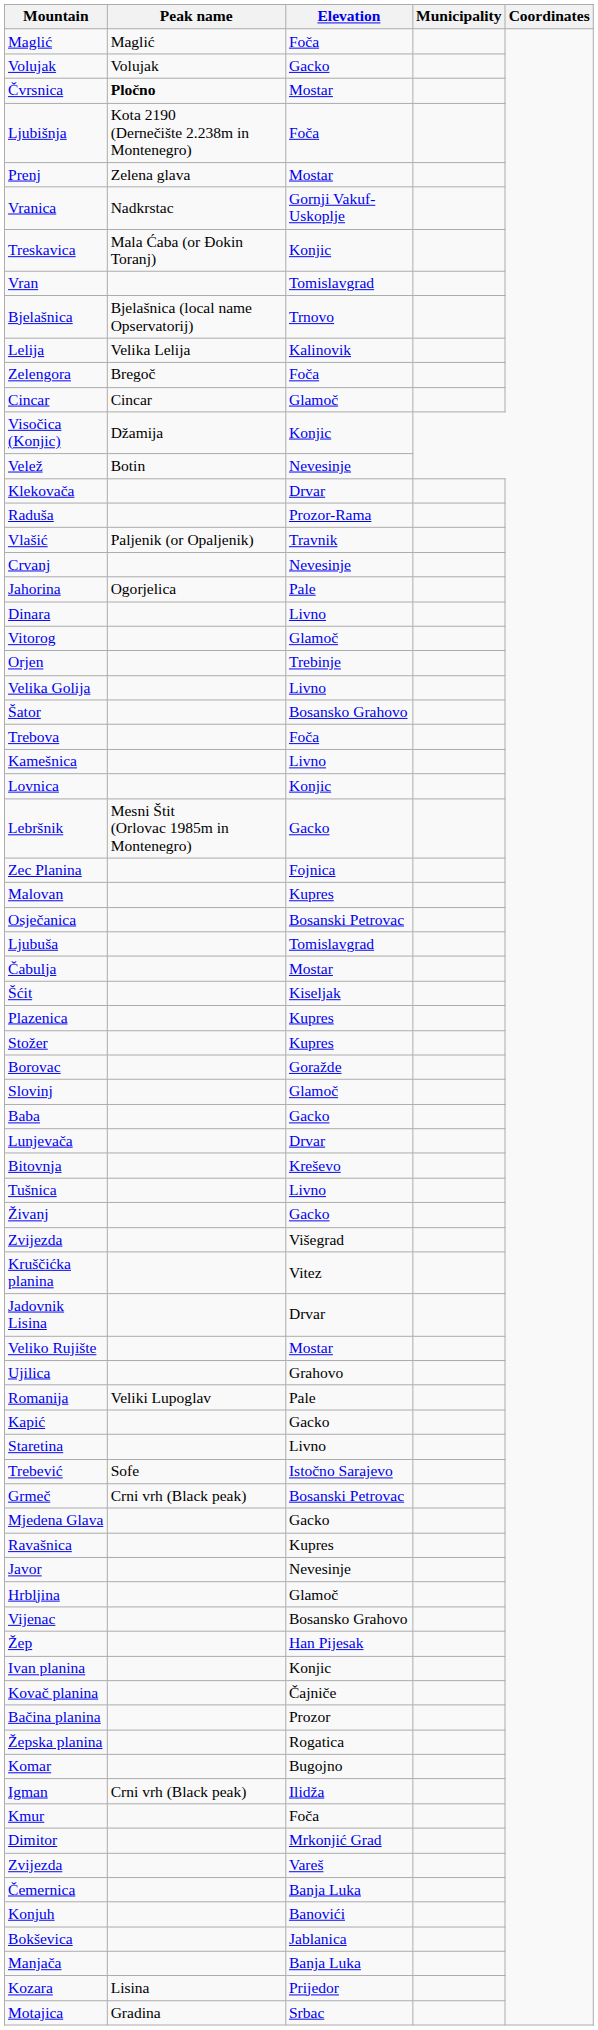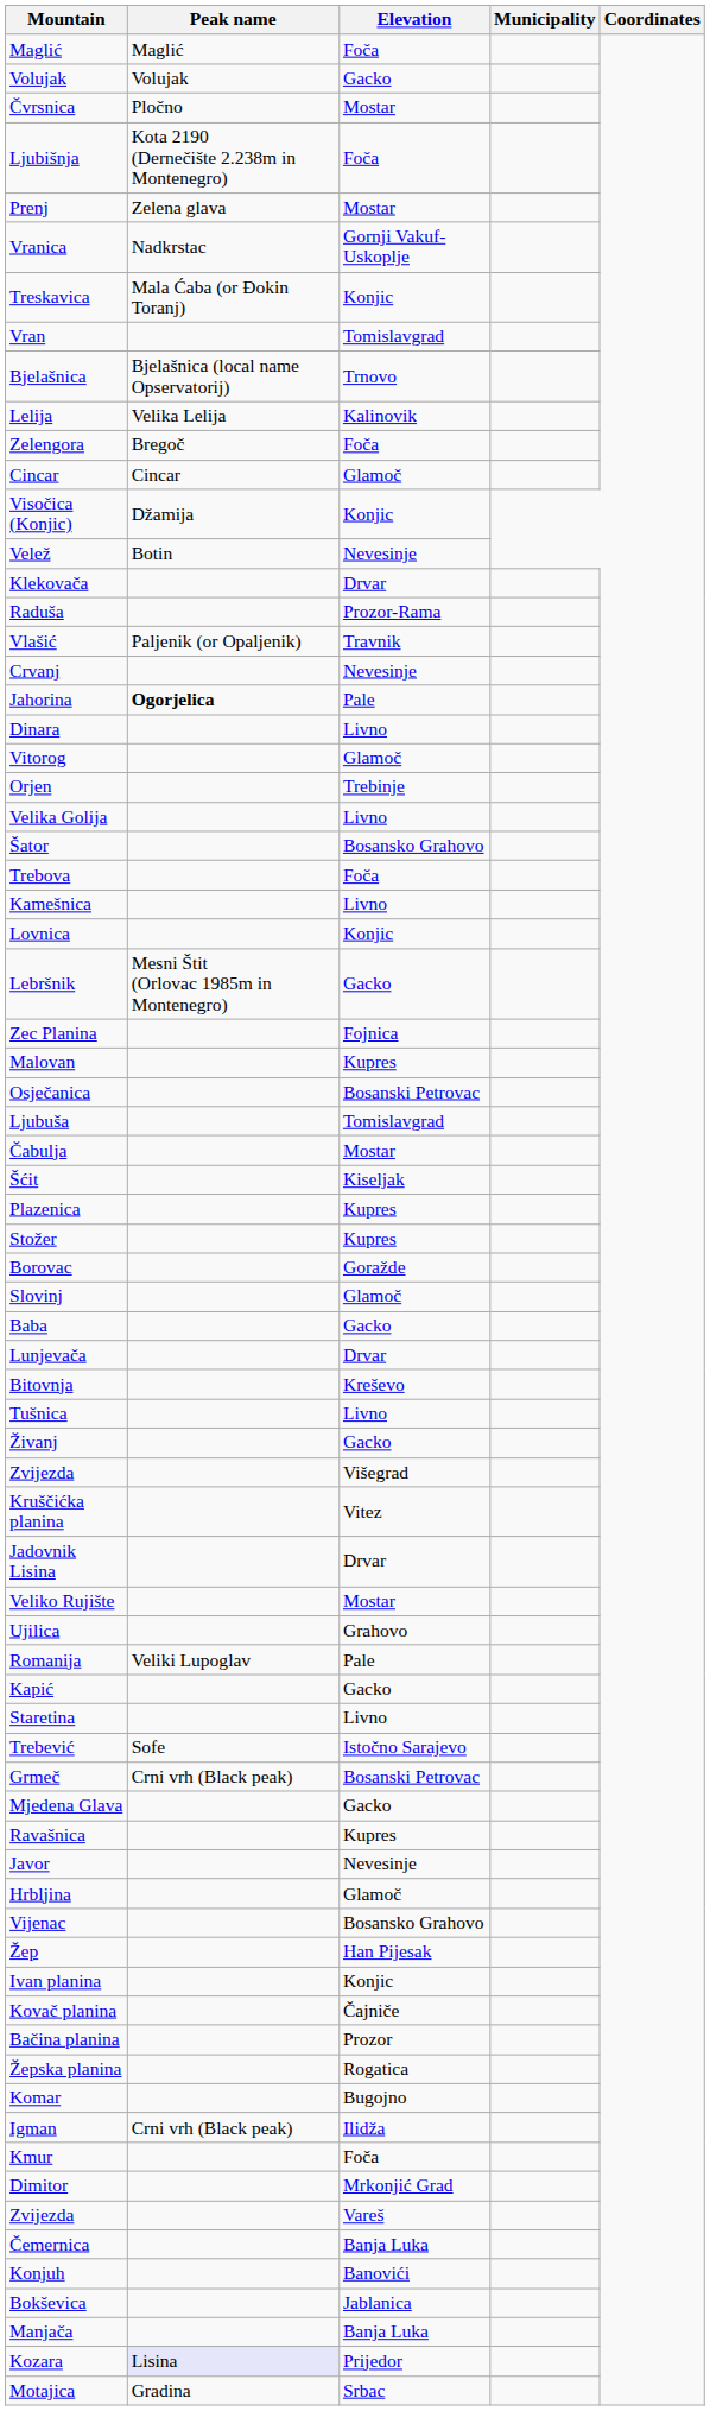 <table class="wikitable sortable">
 <tr>
 <th>Mountain</th>
 <th>Peak name</th>
 <th><a href='#'>Elevation</a></th>
 <th>Municipality</th>
 <th>Coordinates</th>
 </tr>
 <tr>
 <td><a href='#'>Maglić</a></td>
 <td>Maglić<br></td>
 <td><a href='#'>Foča</a></td>
 <td></td>
 </tr>
 <tr>
 <td><a href='#'>Volujak</a></td>
 <td>Volujak<br></td>
 <td><a href='#'>Gacko</a></td>
 <td></td>
 </tr>
 <tr>
 <td><a href='#'>Čvrsnica</a></td>
-<td><strong>Pločno<br></strong></td>
+<td>Pločno<br></td>
 <td><a href='#'>Mostar</a></td>
 <td></td>
 </tr>
 <tr>
 <td><a href='#'>Ljubišnja</a></td>
 <td>Kota 2190<br>(Dernečište 2.238m in Montenegro) </td>
 <td><a href='#'>Foča</a></td>
 <td></td>
 </tr>
 <tr>
 <td><a href='#'>Prenj</a></td>
 <td>Zelena glava<br></td>
 <td><a href='#'>Mostar</a></td>
 <td></td>
 </tr>
 <tr>
 <td><a href='#'>Vranica</a></td>
 <td>Nadkrstac<br></td>
 <td><a href='#'>Gornji Vakuf-Uskoplje</a></td>
 <td></td>
 </tr>
 <tr>
 <td><a href='#'>Treskavica</a></td>
 <td>Mala Ćaba (or Đokin Toranj)<br></td>
 <td><a href='#'>Konjic</a></td>
 <td></td>
 </tr>
 <tr>
 <td><a href='#'>Vran</a></td>
 <td><br></td>
 <td><a href='#'>Tomislavgrad</a></td>
 <td></td>
 </tr>
 <tr>
 <td><a href='#'>Bjelašnica</a></td>
 <td>Bjelašnica (local name Opservatorij)<br></td>
 <td><a href='#'>Trnovo</a></td>
 <td></td>
 </tr>
 <tr>
 <td><a href='#'>Lelija</a></td>
 <td>Velika Lelija<br></td>
 <td><a href='#'>Kalinovik</a></td>
 <td></td>
 </tr>
 <tr>
 <td><a href='#'>Zelengora</a></td>
 <td>Bregoč<br></td>
 <td><a href='#'>Foča</a></td>
 <td></td>
 </tr>
 <tr>
 <td><a href='#'>Cincar</a></td>
 <td>Cincar<br></td>
 <td><a href='#'>Glamoč</a></td>
 <td></td>
 </tr>
 <tr>
 <td><a href='#'>Visočica (Konjic)</a></td>
 <td>Džamija<br></td>
 <td><a href='#'>Konjic</a></td>
 </tr>
 <tr>
 <td><a href='#'>Velež</a></td>
 <td>Botin<br></td>
 <td><a href='#'>Nevesinje</a></td>
 </tr>
 <tr>
 <td><a href='#'>Klekovača</a></td>
 <td><br></td>
 <td><a href='#'>Drvar</a></td>
 <td></td>
 </tr>
 <tr>
 <td><a href='#'>Raduša</a></td>
 <td><br></td>
 <td><a href='#'>Prozor-Rama</a></td>
 <td></td>
 </tr>
 <tr>
 <td><a href='#'>Vlašić</a></td>
 <td>Paljenik (or Opaljenik)<br></td>
 <td><a href='#'>Travnik</a></td>
 <td></td>
 </tr>
 <tr>
 <td><a href='#'>Crvanj</a></td>
 <td><br></td>
 <td><a href='#'>Nevesinje</a></td>
 <td></td>
 </tr>
 <tr>
 <td><a href='#'>Jahorina</a></td>
-<td>Ogorjelica<br></td>
+<td><strong>Ogorjelica<br></strong></td>
 <td><a href='#'>Pale</a></td>
 <td></td>
 </tr>
 <tr>
 <td><a href='#'>Dinara</a></td>
 <td><br></td>
 <td><a href='#'>Livno</a></td>
 <td></td>
 </tr>
 <tr>
 <td><a href='#'>Vitorog</a></td>
 <td><br></td>
 <td><a href='#'>Glamoč</a></td>
 <td></td>
 </tr>
 <tr>
 <td><a href='#'>Orjen</a></td>
 <td><br></td>
 <td><a href='#'>Trebinje</a></td>
 <td></td>
 </tr>
 <tr>
 <td><a href='#'>Velika Golija</a></td>
 <td><br></td>
 <td><a href='#'>Livno</a></td>
 <td></td>
 </tr>
 <tr>
 <td><a href='#'>Šator</a></td>
 <td><br></td>
 <td><a href='#'>Bosansko Grahovo</a></td>
 <td></td>
 </tr>
 <tr>
 <td><a href='#'>Trebova</a></td>
 <td><br></td>
 <td><a href='#'>Foča</a></td>
 <td></td>
 </tr>
 <tr>
 <td><a href='#'>Kamešnica</a></td>
 <td><br></td>
 <td><a href='#'>Livno</a></td>
 <td></td>
 </tr>
 <tr>
 <td><a href='#'>Lovnica</a></td>
 <td><br></td>
 <td><a href='#'>Konjic</a></td>
 <td></td>
 </tr>
 <tr>
 <td><a href='#'>Lebršnik</a></td>
 <td>Mesni Štit<br>(Orlovac 1985m in Montenegro) </td>
 <td><a href='#'>Gacko</a></td>
 <td></td>
 </tr>
 <tr>
 <td><a href='#'>Zec Planina</a></td>
 <td><br></td>
 <td><a href='#'>Fojnica</a></td>
 <td></td>
 </tr>
 <tr>
 <td><a href='#'>Malovan</a></td>
 <td><br></td>
 <td><a href='#'>Kupres</a></td>
 <td></td>
 </tr>
 <tr>
 <td><a href='#'>Osječanica</a></td>
 <td><br></td>
 <td><a href='#'>Bosanski Petrovac</a></td>
 <td></td>
 </tr>
 <tr>
 <td><a href='#'>Ljubuša</a></td>
 <td><br></td>
 <td><a href='#'>Tomislavgrad</a></td>
 <td></td>
 </tr>
 <tr>
 <td><a href='#'>Čabulja</a></td>
 <td><br></td>
 <td><a href='#'>Mostar</a></td>
 <td></td>
 </tr>
 <tr>
 <td><a href='#'>Šćit</a></td>
 <td><br></td>
 <td><a href='#'>Kiseljak</a></td>
 <td></td>
 </tr>
 <tr>
 <td><a href='#'>Plazenica</a></td>
 <td><br></td>
 <td><a href='#'>Kupres</a></td>
 <td></td>
 </tr>
 <tr>
 <td><a href='#'>Stožer</a></td>
 <td><br></td>
 <td><a href='#'>Kupres</a></td>
 <td></td>
 </tr>
 <tr>
 <td><a href='#'>Borovac</a></td>
 <td><br></td>
 <td><a href='#'>Goražde</a></td>
 <td></td>
 </tr>
 <tr>
 <td><a href='#'>Slovinj</a></td>
 <td><br></td>
 <td><a href='#'>Glamoč</a></td>
 <td></td>
 </tr>
 <tr>
 <td><a href='#'>Baba</a></td>
 <td><br></td>
 <td><a href='#'>Gacko</a></td>
 <td></td>
 </tr>
 <tr>
 <td><a href='#'>Lunjevača</a></td>
 <td><br></td>
 <td><a href='#'>Drvar</a></td>
 <td></td>
 </tr>
 <tr>
 <td><a href='#'>Bitovnja</a></td>
 <td><br></td>
 <td><a href='#'>Kreševo</a></td>
 <td></td>
 </tr>
 <tr>
 <td><a href='#'>Tušnica</a></td>
 <td><br></td>
 <td><a href='#'>Livno</a></td>
 <td></td>
 </tr>
 <tr>
 <td><a href='#'>Živanj</a></td>
 <td><br></td>
 <td><a href='#'>Gacko</a></td>
 <td></td>
 </tr>
 <tr>
 <td><a href='#'>Zvijezda</a></td>
 <td><br></td>
 <td>Višegrad</td>
 <td></td>
 </tr>
 <tr>
 <td><a href='#'>Kruščićka planina</a></td>
 <td><br></td>
 <td>Vitez</td>
 <td></td>
 </tr>
 <tr>
 <td><a href='#'>Jadovnik Lisina</a></td>
 <td><br></td>
 <td>Drvar</td>
 <td></td>
 </tr>
 <tr>
 <td><a href='#'>Veliko Rujište</a></td>
 <td><br></td>
 <td><a href='#'>Mostar</a></td>
 <td></td>
 </tr>
 <tr>
 <td><a href='#'>Ujilica</a></td>
 <td><br></td>
 <td>Grahovo</td>
 <td></td>
 </tr>
 <tr>
 <td><a href='#'>Romanija</a></td>
 <td>Veliki Lupoglav<br></td>
 <td>Pale</td>
 <td></td>
 </tr>
 <tr>
 <td><a href='#'>Kapić</a></td>
 <td><br></td>
 <td>Gacko</td>
 <td></td>
 </tr>
 <tr>
 <td><a href='#'>Staretina</a></td>
 <td><br></td>
 <td>Livno</td>
 <td></td>
 </tr>
 <tr>
 <td><a href='#'>Trebević</a></td>
 <td>Sofe<br></td>
 <td><a href='#'>Istočno Sarajevo</a></td>
 <td></td>
 </tr>
 <tr>
 <td><a href='#'>Grmeč</a></td>
 <td>Crni vrh (Black peak)<br></td>
 <td><a href='#'>Bosanski Petrovac</a></td>
 <td></td>
 </tr>
 <tr>
 <td><a href='#'>Mjedena Glava</a></td>
 <td><br></td>
 <td>Gacko</td>
 <td></td>
 </tr>
 <tr>
 <td><a href='#'>Ravašnica</a></td>
 <td><br></td>
 <td>Kupres</td>
 <td></td>
 </tr>
 <tr>
 <td><a href='#'>Javor</a></td>
 <td><br></td>
 <td>Nevesinje</td>
 <td></td>
 </tr>
 <tr>
 <td><a href='#'>Hrbljina</a></td>
 <td><br></td>
 <td>Glamoč</td>
 <td></td>
 </tr>
 <tr>
 <td><a href='#'>Vijenac</a></td>
 <td><br></td>
 <td>Bosansko Grahovo</td>
 <td></td>
 </tr>
 <tr>
 <td><a href='#'>Žep</a></td>
 <td><br></td>
 <td><a href='#'>Han Pijesak</a></td>
 <td></td>
 </tr>
 <tr>
 <td><a href='#'>Ivan planina</a></td>
 <td><br></td>
 <td>Konjic</td>
 <td></td>
 </tr>
 <tr>
 <td><a href='#'>Kovač planina</a></td>
 <td><br></td>
 <td>Čajniče</td>
 <td></td>
 </tr>
 <tr>
 <td><a href='#'>Bačina planina</a></td>
 <td><br></td>
 <td>Prozor</td>
 <td></td>
 </tr>
 <tr>
 <td><a href='#'>Žepska planina</a></td>
 <td><br></td>
 <td>Rogatica</td>
 <td></td>
 </tr>
 <tr>
 <td><a href='#'>Komar</a></td>
 <td><br></td>
 <td>Bugojno</td>
 <td></td>
 </tr>
 <tr>
 <td><a href='#'>Igman</a></td>
 <td>Crni vrh (Black peak)<br></td>
 <td><a href='#'>Ilidža</a></td>
 <td></td>
 </tr>
 <tr>
 <td><a href='#'>Kmur</a></td>
 <td><br></td>
 <td>Foča</td>
 <td></td>
 </tr>
 <tr>
 <td><a href='#'>Dimitor</a></td>
 <td><br></td>
 <td><a href='#'>Mrkonjić Grad</a></td>
 <td></td>
 </tr>
 <tr>
 <td><a href='#'>Zvijezda</a></td>
 <td><br></td>
 <td><a href='#'>Vareš</a></td>
 <td></td>
 </tr>
 <tr>
 <td><a href='#'>Čemernica</a></td>
 <td><br></td>
 <td><a href='#'>Banja Luka</a></td>
 <td></td>
 </tr>
 <tr>
 <td><a href='#'>Konjuh</a></td>
 <td><br></td>
 <td><a href='#'>Banovići</a></td>
 <td></td>
 </tr>
 <tr>
 <td><a href='#'>Bokševica</a></td>
 <td><br></td>
 <td><a href='#'>Jablanica</a></td>
 <td></td>
 </tr>
 <tr>
 <td><a href='#'>Manjača</a></td>
 <td><br></td>
 <td><a href='#'>Banja Luka</a></td>
 <td></td>
 </tr>
 <tr>
 <td><a href='#'>Kozara</a></td>
-<td>Lisina<br></td>
+<td style="background: lavender;">Lisina<br></td>
 <td><a href='#'>Prijedor</a></td>
 <td></td>
 </tr>
 <tr>
 <td><a href='#'>Motajica</a></td>
 <td>Gradina<br></td>
 <td><a href='#'>Srbac</a></td>
 <td></td>
 </tr>
 </table>
